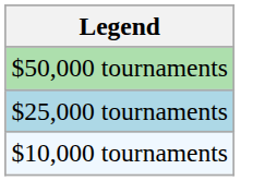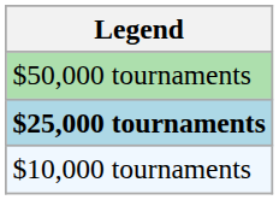 <table class=wikitable style="font-size:85%">
 <tr>
 <th>Legend</th>
 </tr>
 <tr style="background:;">
 <td bgcolor=addfad>$50,000 tournaments</td>
 </tr>
 <tr style="background:;">
-<td bgcolor=lightblue>$25,000 tournaments</td>
+<td bgcolor=lightblue><strong>$25,000 tournaments</strong></td>
 </tr>
 <tr style="background:;">
 <td bgcolor=f0f8ff>$10,000 tournaments</td>
 </tr>
 </table>
